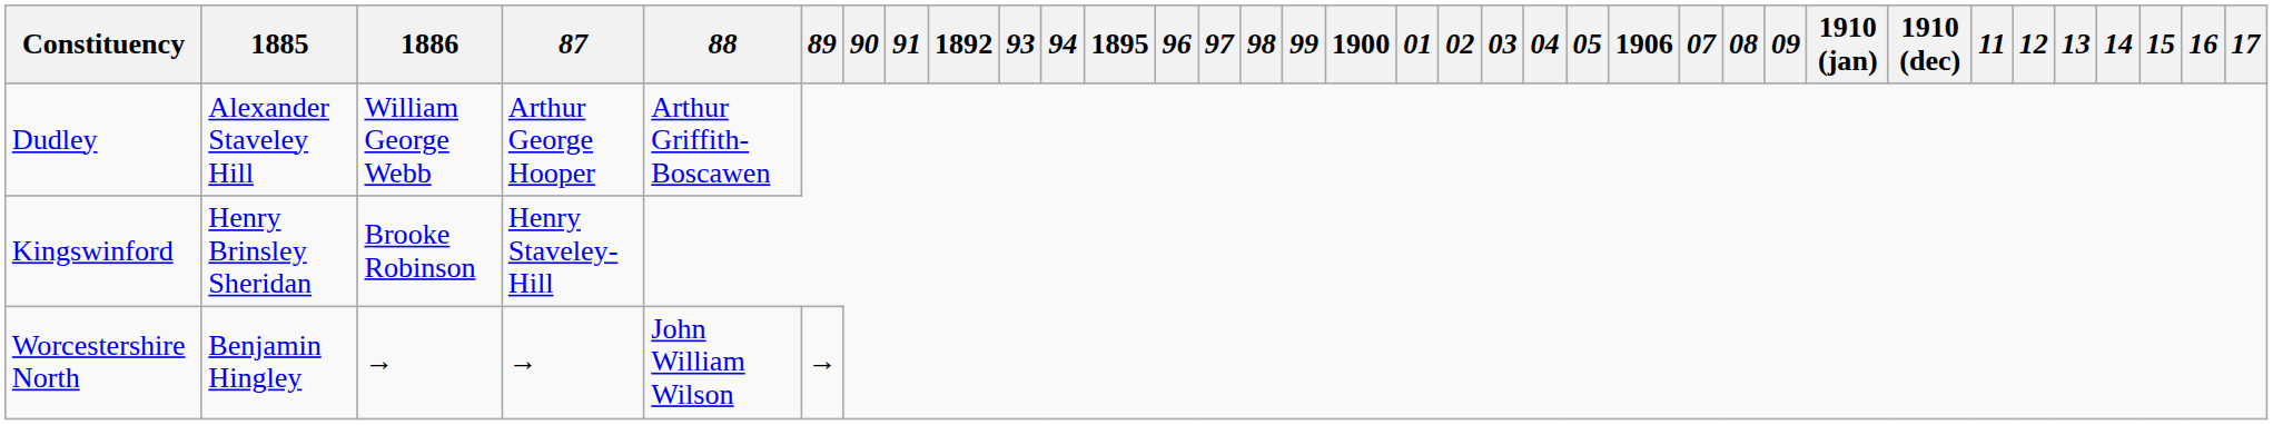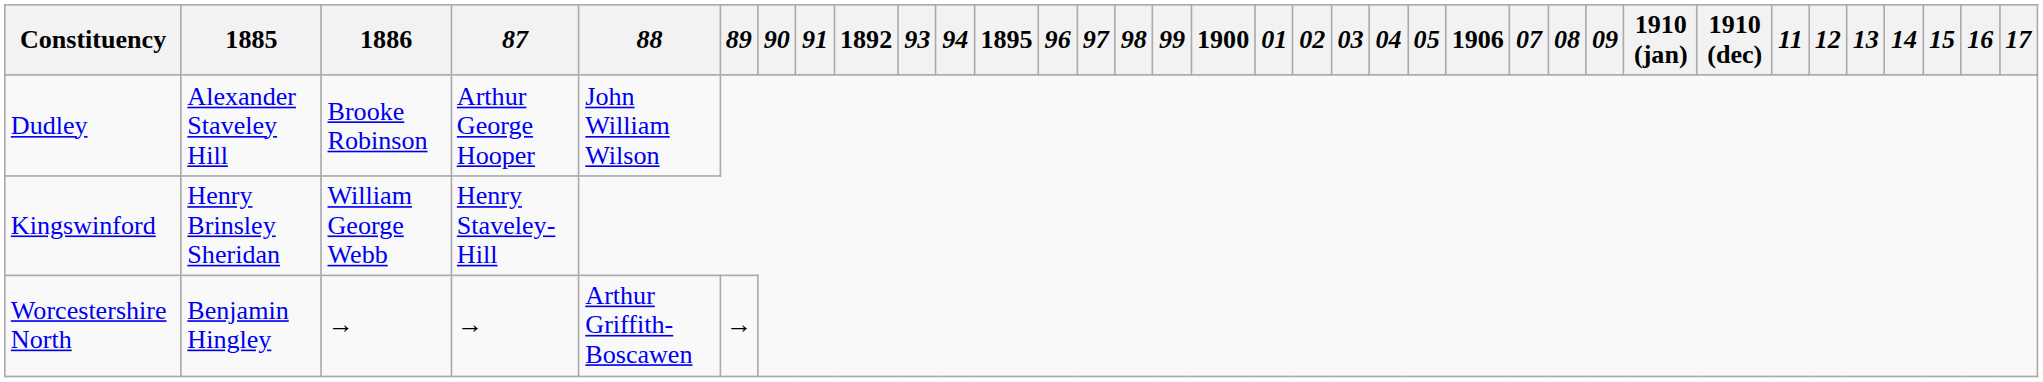 <table class="wikitable">
 <tr>
 <th>Constituency</th>
 <th>1885</th>
 <th>1886</th>
 <th><em>87</em></th>
 <th><em>88</em></th>
 <th><em>89</em></th>
 <th><em>90</em></th>
 <th><em>91</em></th>
 <th>1892</th>
 <th><em>93</em></th>
 <th><em>94</em></th>
 <th>1895</th>
 <th><em>96</em></th>
 <th><em>97</em></th>
 <th><em>98</em></th>
 <th><em>99</em></th>
 <th>1900</th>
 <th><em>01</em></th>
 <th><em>02</em></th>
 <th><em>03</em></th>
 <th><em>04</em></th>
 <th><em>05</em></th>
 <th>1906</th>
 <th><em>07</em></th>
 <th><em>08</em></th>
 <th><em>09</em></th>
 <th>1910 (jan)</th>
 <th>1910 (dec)</th>
 <th><em>11</em></th>
 <th><em>12</em></th>
 <th><em>13</em></th>
 <th><em>14</em></th>
 <th><em>15</em></th>
 <th><em>16</em></th>
 <th><em>17</em></th>
 </tr>
 <tr>
 <td><a href='#'>Dudley</a></td>
 <td><a href='#'>Alexander Staveley Hill</a></td>
-<td><a href='#'>William George Webb</a></td>
+<td><a href='#'>Brooke Robinson</a></td>
 <td><a href='#'>Arthur George Hooper</a></td>
-<td><a href='#'>Arthur Griffith-Boscawen</a></td>
+<td><a href='#'>John William Wilson</a></td>
 </tr>
 <tr>
 <td><a href='#'>Kingswinford</a></td>
 <td><a href='#'>Henry Brinsley Sheridan</a></td>
-<td><a href='#'>Brooke Robinson</a></td>
+<td><a href='#'>William George Webb</a></td>
 <td><a href='#'>Henry Staveley-Hill</a></td>
 </tr>
 <tr>
 <td><a href='#'>Worcestershire North</a></td>
 <td><a href='#'>Benjamin Hingley</a></td>
 <td>→</td>
 <td>→</td>
-<td><a href='#'>John William Wilson</a></td>
+<td><a href='#'>Arthur Griffith-Boscawen</a></td>
 <td>→</td>
 </tr>
 </table>
